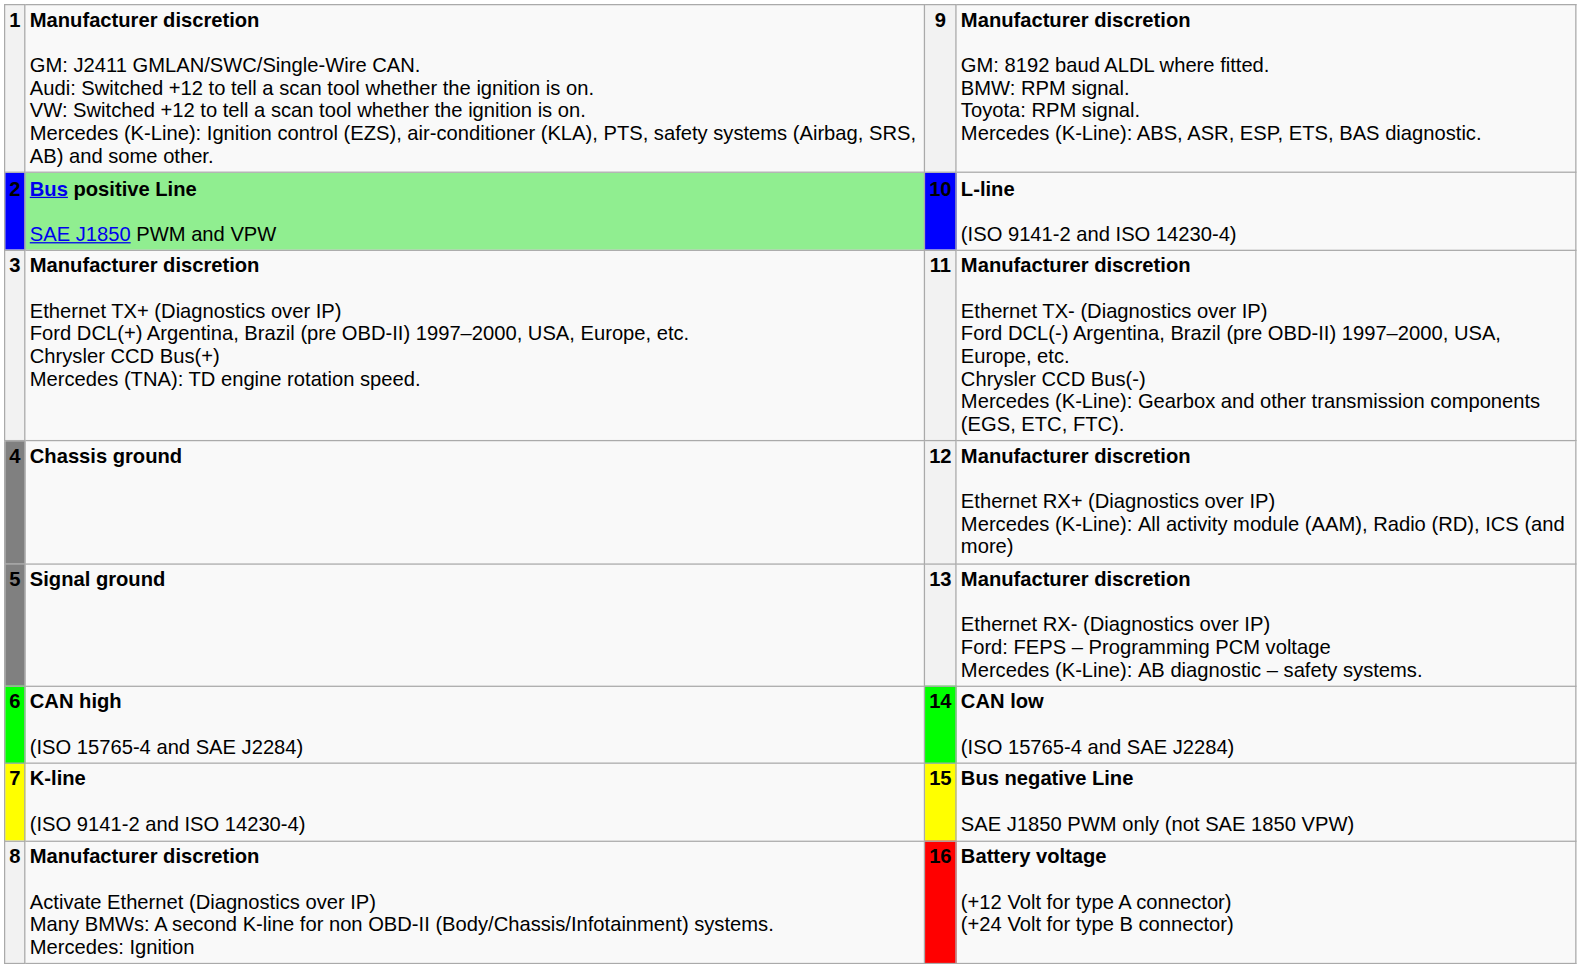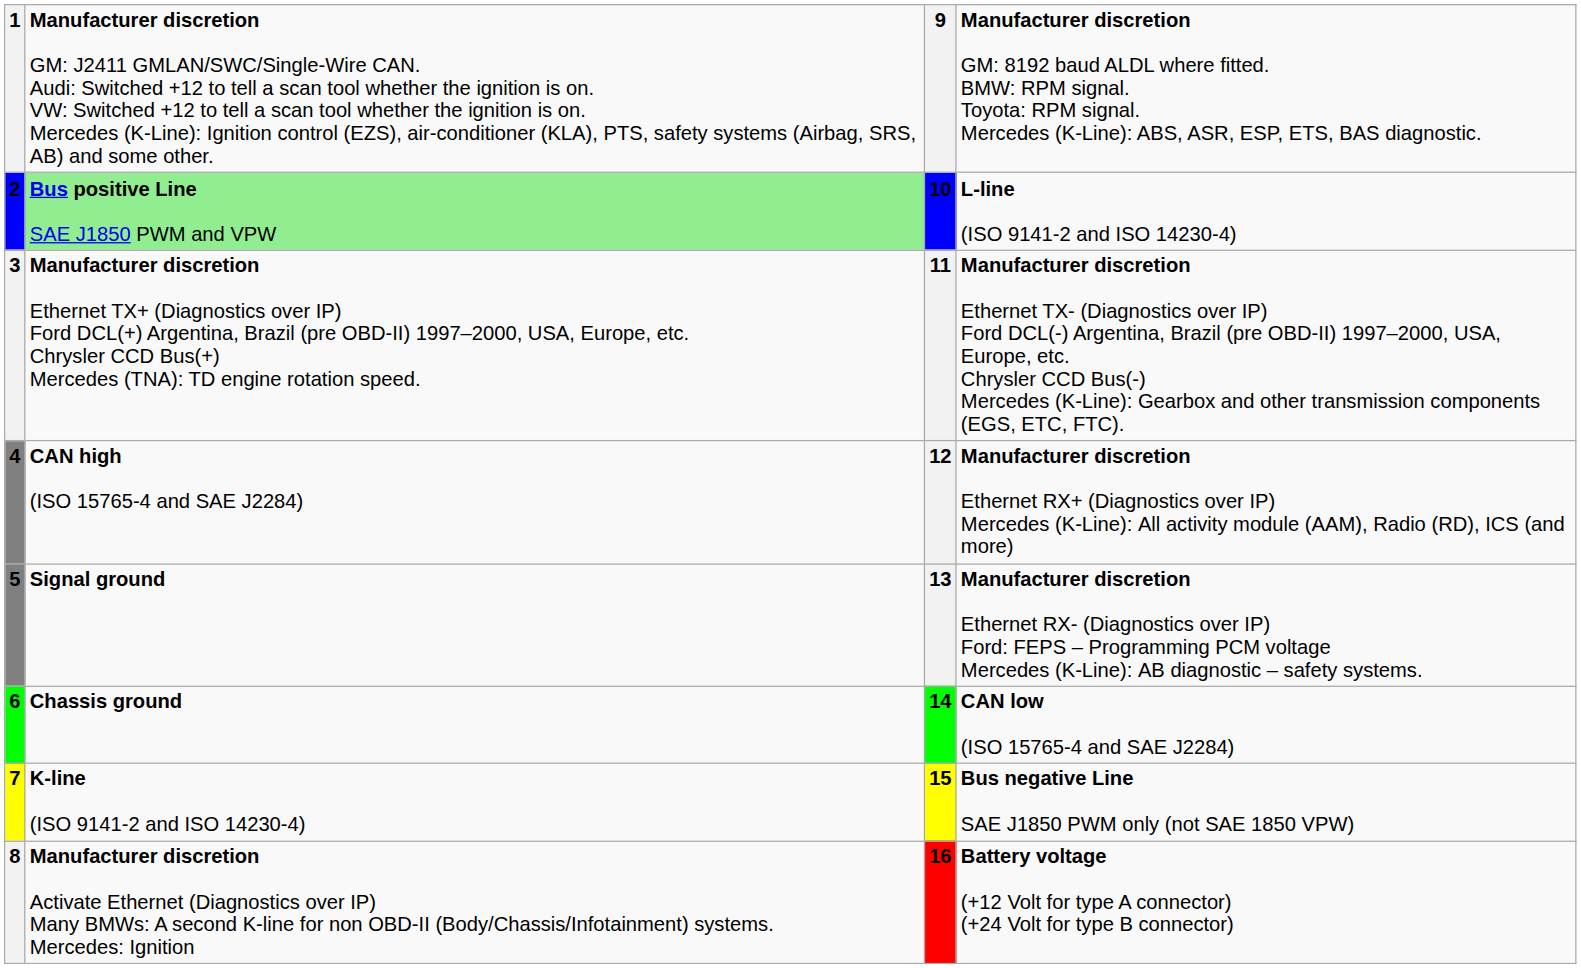 <table class="wikitable">
 <tr valign="top">
 <th>1</th>
 <td><strong>Manufacturer discretion</strong><br><br>GM: J2411 GMLAN/SWC/Single-Wire CAN.<br> Audi: Switched +12 to tell a scan tool whether the ignition is on.<br> VW: Switched +12 to tell a scan tool whether the ignition is on.<br> Mercedes (K-Line): Ignition control (EZS), air-conditioner (KLA), PTS, safety systems (Airbag, SRS, AB) and some other.</td>
 <th>9</th>
 <td><strong>Manufacturer discretion</strong><br><br>GM: 8192 baud ALDL where fitted.<br> BMW: RPM signal.<br> Toyota: RPM signal.<br> Mercedes (K-Line): ABS, ASR, ESP, ETS, BAS diagnostic.</td>
 </tr>
 <tr valign="top">
 <th style="background-color: blue">2</th>
 <td style="background: lightgreen;"><strong><a href='#'>Bus</a> positive Line</strong><br><br><a href='#'>SAE J1850</a> PWM and VPW</td>
 <th style="background-color: blue">10</th>
 <td><strong>L-line</strong><br><br>(ISO 9141-2 and ISO 14230-4)</td>
 </tr>
 <tr valign="top">
 <th>3</th>
 <td><strong>Manufacturer discretion</strong><br><br>Ethernet TX+ (Diagnostics over IP)<br> Ford DCL(+) Argentina, Brazil (pre OBD-II) 1997–2000, USA, Europe, etc.<br> Chrysler CCD Bus(+)<br> Mercedes (TNA): TD engine rotation speed.</td>
 <th>11</th>
 <td><strong>Manufacturer discretion</strong><br><br>Ethernet TX- (Diagnostics over IP)<br> Ford DCL(-) Argentina, Brazil (pre OBD-II) 1997–2000, USA, Europe, etc.<br> Chrysler CCD Bus(-)<br> Mercedes (K-Line): Gearbox and other transmission components (EGS, ETC, FTC).</td>
 </tr>
 <tr valign="top">
 <th style="background-color: gray">4</th>
-<td><strong>Chassis ground</strong></td>
+<td><strong>CAN high</strong><br><br>(ISO 15765-4 and SAE J2284)</td>
 <th>12</th>
 <td><strong>Manufacturer discretion</strong><br><br>Ethernet RX+ (Diagnostics over IP)<br> Mercedes (K-Line): All activity module (AAM), Radio (RD), ICS (and more)</td>
 </tr>
 <tr valign="top">
 <th style="background-color: gray">5</th>
 <td><strong>Signal ground</strong></td>
 <th>13</th>
 <td><strong>Manufacturer discretion</strong><br><br>Ethernet RX- (Diagnostics over IP)<br> Ford: FEPS – Programming PCM voltage<br> Mercedes (K-Line): AB diagnostic – safety systems.</td>
 </tr>
 <tr valign="top">
 <th style="background-color: lime">6</th>
-<td><strong>CAN high</strong><br><br>(ISO 15765-4 and SAE J2284)</td>
+<td><strong>Chassis ground</strong></td>
 <th style="background-color: lime">14</th>
 <td><strong>CAN low</strong><br><br>(ISO 15765-4 and SAE J2284)</td>
 </tr>
 <tr valign="top">
 <th style="background-color: yellow">7</th>
 <td><strong>K-line</strong><br><br>(ISO 9141-2 and ISO 14230-4)</td>
 <th style="background-color: yellow">15</th>
 <td><strong>Bus negative Line</strong><br><br>SAE J1850 PWM only (not SAE 1850 VPW)</td>
 </tr>
 <tr valign="top">
 <th>8</th>
 <td><strong>Manufacturer discretion</strong><br><br>Activate Ethernet (Diagnostics over IP)<br> Many BMWs: A second K-line for non OBD-II (Body/Chassis/Infotainment) systems.<br> Mercedes: Ignition<br></td>
 <th style="background-color: red">16</th>
 <td><strong>Battery voltage</strong><br><br>(+12 Volt for type A connector)<br> (+24 Volt for type B connector)</td>
 </tr>
 </table>
